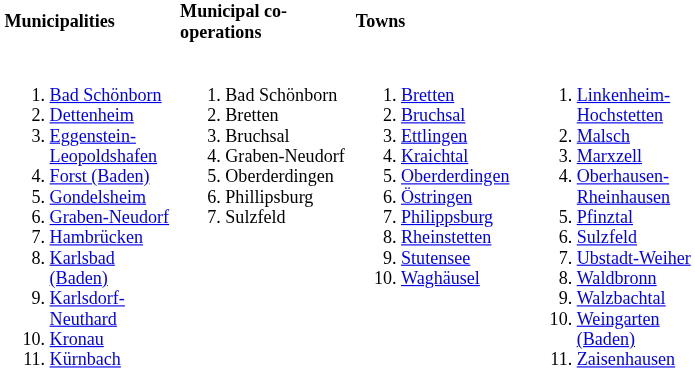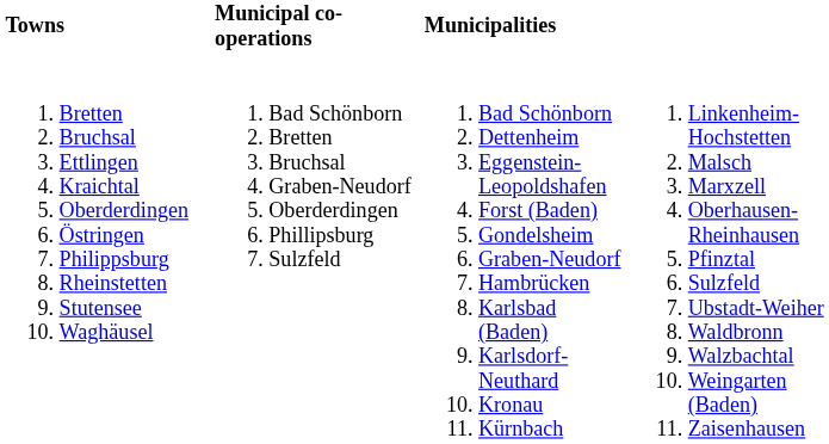 <table>
 <tr>
+<th width=25% align=left>Towns</th>
+<th width=25% align=left>Municipal co-operations</th>
 <th width=25% align=left>Municipalities</th>
-<th width=25% align=left>Municipal co-operations</th>
-<th width=25% align=left>Towns</th>
 <th width=25%></th>
 </tr>
 <tr valign=top>
+<td><br><ol><li><a href='#'>Bretten</a></li><li><a href='#'>Bruchsal</a></li><li><a href='#'>Ettlingen</a></li><li><a href='#'>Kraichtal</a></li><li><a href='#'>Oberderdingen</a></li><li><a href='#'>Östringen</a></li><li><a href='#'>Philippsburg</a></li><li><a href='#'>Rheinstetten</a></li><li><a href='#'>Stutensee</a></li><li><a href='#'>Waghäusel</a></li></ol></td>
+<td><br><ol><li>Bad Schönborn</li><li>Bretten</li><li>Bruchsal</li><li>Graben-Neudorf</li><li>Oberderdingen</li><li>Phillipsburg</li><li>Sulzfeld</li></ol></td>
 <td><br><ol><li><a href='#'>Bad Schönborn</a></li><li><a href='#'>Dettenheim</a></li><li><a href='#'>Eggenstein-Leopoldshafen</a></li><li><a href='#'>Forst (Baden)</a></li><li><a href='#'>Gondelsheim</a></li><li><a href='#'>Graben-Neudorf</a></li><li><a href='#'>Hambrücken</a></li><li><a href='#'>Karlsbad (Baden)</a></li><li><a href='#'>Karlsdorf-Neuthard</a></li><li><a href='#'>Kronau</a></li><li><a href='#'>Kürnbach</a></li></ol></td>
-<td><br><ol><li>Bad Schönborn</li><li>Bretten</li><li>Bruchsal</li><li>Graben-Neudorf</li><li>Oberderdingen</li><li>Phillipsburg</li><li>Sulzfeld</li></ol></td>
-<td><br><ol><li><a href='#'>Bretten</a></li><li><a href='#'>Bruchsal</a></li><li><a href='#'>Ettlingen</a></li><li><a href='#'>Kraichtal</a></li><li><a href='#'>Oberderdingen</a></li><li><a href='#'>Östringen</a></li><li><a href='#'>Philippsburg</a></li><li><a href='#'>Rheinstetten</a></li><li><a href='#'>Stutensee</a></li><li><a href='#'>Waghäusel</a></li></ol></td>
 <td><br><ol> <li><a href='#'>Linkenheim-Hochstetten</a> <li><a href='#'>Malsch</a> <li><a href='#'>Marxzell</a> <li><a href='#'>Oberhausen-Rheinhausen</a> <li><a href='#'>Pfinztal</a> <li><a href='#'>Sulzfeld</a> <li><a href='#'>Ubstadt-Weiher</a> <li><a href='#'>Waldbronn</a> <li><a href='#'>Walzbachtal</a> <li><a href='#'>Weingarten (Baden)</a> <li><a href='#'>Zaisenhausen</a> </ol></td>
 </tr>
 </table>
